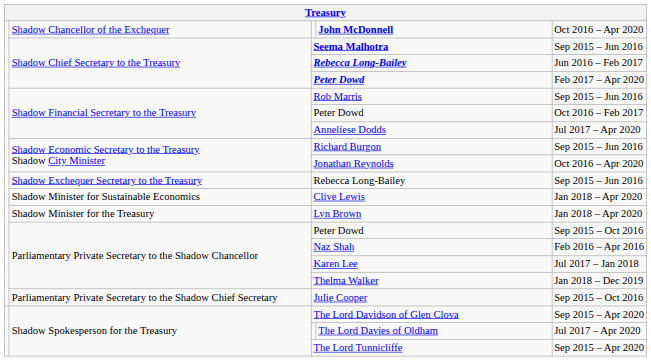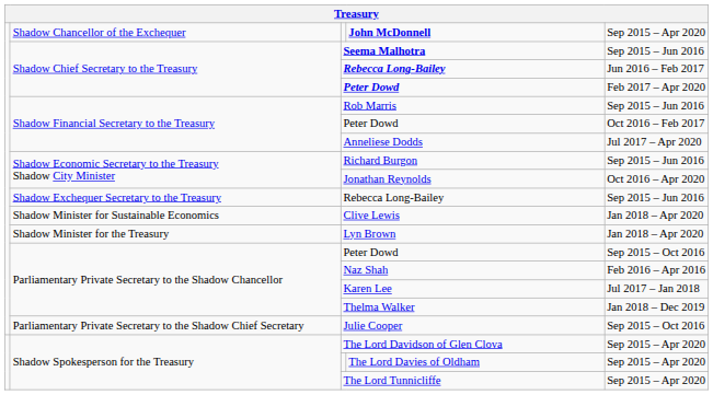 <table class="wikitable">
 <tr>
 <th colspan="5"><a href='#'>Treasury</a></th>
 </tr>
 <tr>
 <td rowspan="17" style="background: "></td>
 <td style="width: 450px;"><a href='#'>Shadow Chancellor of the Exchequer</a></td>
 <td style="background: "></td>
 <td style="width: 350px;"><strong><a href='#'>John McDonnell</a></strong></td>
-<td>Oct 2016 – Apr 2020</td>
+<td>Sep 2015 – Apr 2020</td>
 </tr>
 <tr>
 <td rowspan="3"><a href='#'>Shadow Chief Secretary to the Treasury</a></td>
 <td colspan="2"><strong><a href='#'>Seema Malhotra</a></strong></td>
 <td>Sep 2015 – Jun 2016</td>
 </tr>
 <tr>
 <td colspan="2"><strong><em><a href='#'>Rebecca Long-Bailey</a></em></strong></td>
 <td>Jun 2016 – Feb 2017</td>
 </tr>
 <tr>
 <td colspan="2"><strong><em><a href='#'>Peter Dowd</a></em></strong></td>
 <td>Feb 2017 – Apr 2020</td>
 </tr>
 <tr>
 <td rowspan="3"><a href='#'>Shadow Financial Secretary to the Treasury</a></td>
 <td colspan="2"><a href='#'>Rob Marris</a></td>
 <td>Sep 2015 – Jun 2016</td>
 </tr>
 <tr>
 <td colspan="2">Peter Dowd</td>
 <td>Oct 2016 – Feb 2017</td>
 </tr>
 <tr>
 <td colspan="2"><a href='#'>Anneliese Dodds</a></td>
 <td>Jul 2017 – Apr 2020</td>
 </tr>
 <tr>
 <td rowspan="2"><a href='#'>Shadow Economic Secretary to the Treasury</a><br>Shadow <a href='#'>City Minister</a></td>
 <td colspan="2"><a href='#'>Richard Burgon</a></td>
 <td>Sep 2015 – Jun 2016</td>
 </tr>
 <tr>
 <td colspan="2"><a href='#'>Jonathan Reynolds</a></td>
 <td>Oct 2016 – Apr 2020</td>
 </tr>
 <tr>
 <td><a href='#'>Shadow Exchequer Secretary to the Treasury</a></td>
 <td colspan="2">Rebecca Long-Bailey</td>
 <td>Sep 2015 – Jun 2016</td>
 </tr>
 <tr>
 <td>Shadow Minister for Sustainable Economics</td>
 <td colspan="2"><a href='#'>Clive Lewis</a></td>
 <td>Jan 2018 – Apr 2020</td>
 </tr>
 <tr>
 <td>Shadow Minister for the Treasury</td>
 <td colspan="2"><a href='#'>Lyn Brown</a></td>
 <td>Jan 2018 – Apr 2020</td>
 </tr>
 <tr>
 <td rowspan="4">Parliamentary Private Secretary to the Shadow Chancellor</td>
 <td colspan="2">Peter Dowd</td>
 <td>Sep 2015 – Oct 2016</td>
 </tr>
 <tr>
 <td colspan="2"><a href='#'>Naz Shah</a></td>
 <td>Feb 2016 – Apr 2016</td>
 </tr>
 <tr>
 <td colspan="2"><a href='#'>Karen Lee</a></td>
 <td>Jul 2017 – Jan 2018</td>
 </tr>
 <tr>
 <td colspan="2"><a href='#'>Thelma Walker</a></td>
 <td>Jan 2018 – Dec 2019</td>
 </tr>
 <tr>
 <td>Parliamentary Private Secretary to the Shadow Chief Secretary</td>
 <td colspan="2"><a href='#'>Julie Cooper</a></td>
 <td>Sep 2015 – Oct 2016</td>
 </tr>
 <tr>
 <td rowspan="3" style="background: "></td>
 <td rowspan="3">Shadow Spokesperson for the Treasury</td>
 <td colspan="2"><a href='#'>The Lord Davidson of Glen Clova</a></td>
 <td>Sep 2015 – Apr 2020</td>
 </tr>
 <tr>
 <td style="background: "></td>
 <td><a href='#'>The Lord Davies of Oldham</a></td>
-<td>Jul 2017 – Apr 2020</td>
+<td>Sep 2015 – Apr 2020</td>
 </tr>
 <tr>
 <td colspan="2"><a href='#'>The Lord Tunnicliffe</a></td>
 <td>Sep 2015 – Apr 2020</td>
 </tr>
 </table>
